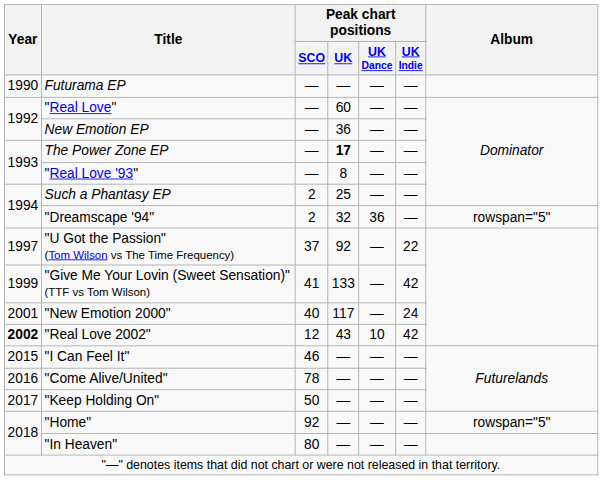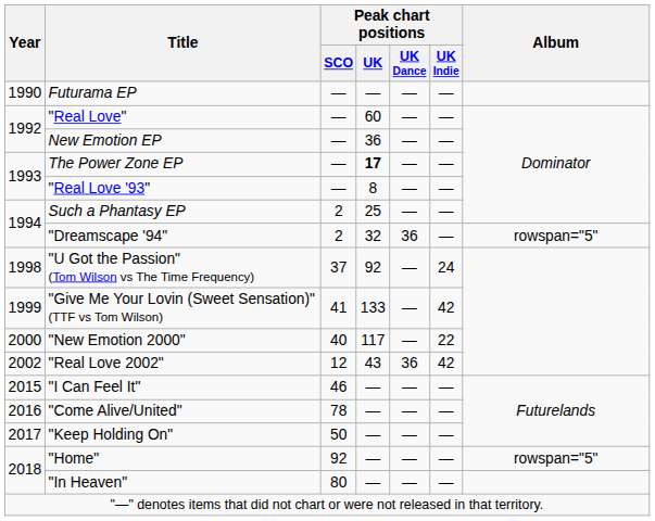 <table class="wikitable" style="text-align:center;">
 <tr>
 <th rowspan="2" style="width:2em;">Year</th>
 <th rowspan="2" style="width:18em;">Title</th>
 <th colspan="4">Peak chart positions</th>
 <th rowspan="2" style="width:12em;">Album</th>
 </tr>
 <tr>
 <th style="width:2em;font-size:90%;"><a href='#'>SCO</a><br></th>
 <th style="width:2em;font-size:90%;"><a href='#'>UK</a><br></th>
 <th style="width:2em;font-size:90%;"><a href='#'>UK<br><small>Dance</small></a><br></th>
 <th style="width:2em;font-size:90%;"><a href='#'>UK<br><small>Indie</small></a><br></th>
 </tr>
 <tr>
 <td>1990</td>
 <td style="text-align:left;"><em>Futurama EP</em></td>
 <td>—</td>
 <td>—</td>
 <td>—</td>
 <td>—</td>
 <td></td>
 </tr>
 <tr>
 <td rowspan="2">1992</td>
 <td style="text-align:left;">"<a href='#'>Real Love</a>"</td>
 <td>—</td>
 <td>60</td>
 <td>—</td>
 <td>—</td>
 <td rowspan="5"><em>Dominator</em></td>
 </tr>
 <tr>
 <td style="text-align:left;"><em>New Emotion EP</em></td>
 <td>—</td>
 <td>36</td>
 <td>—</td>
 <td>—</td>
 </tr>
 <tr>
 <td rowspan="2">1993</td>
 <td style="text-align:left;"><em>The Power Zone EP</em></td>
 <td>—</td>
 <td><strong>17</strong></td>
 <td>—</td>
 <td>—</td>
 </tr>
 <tr>
 <td style="text-align:left;">"<a href='#'>Real Love '93</a>"</td>
 <td>—</td>
 <td>8</td>
 <td>—</td>
 <td>—</td>
 </tr>
 <tr>
 <td rowspan="2">1994</td>
 <td style="text-align:left;"><em>Such a Phantasy EP</em></td>
 <td>2</td>
 <td>25</td>
 <td>—</td>
 <td>—</td>
 </tr>
 <tr>
 <td style="text-align:left;">"Dreamscape '94"</td>
 <td>2</td>
 <td>32</td>
 <td>36</td>
 <td>—</td>
 <td>rowspan="5" </td>
 </tr>
 <tr>
-<td>1997</td>
+<td>1998</td>
 <td style="text-align:left;">"U Got the Passion"<br><small>(<a href='#'>Tom Wilson</a> vs The Time Frequency)</small></td>
 <td>37</td>
 <td>92</td>
 <td>—</td>
-<td>22</td>
+<td>24</td>
 </tr>
 <tr>
 <td>1999</td>
 <td style="text-align:left;">"Give Me Your Lovin (Sweet Sensation)"<br><small>(TTF vs Tom Wilson)</small></td>
 <td>41</td>
 <td>133</td>
 <td>—</td>
 <td>42</td>
 </tr>
 <tr>
-<td>2001</td>
+<td>2000</td>
 <td style="text-align:left;">"New Emotion 2000"</td>
 <td>40</td>
 <td>117</td>
 <td>—</td>
-<td>24</td>
+<td>22</td>
 </tr>
 <tr>
-<td><strong>2002</strong></td>
+<td>2002</td>
 <td style="text-align:left;">"Real Love 2002"</td>
 <td>12</td>
 <td>43</td>
-<td>10</td>
+<td>36</td>
 <td>42</td>
 </tr>
 <tr>
 <td>2015</td>
 <td style="text-align:left;">"I Can Feel It"</td>
 <td>46</td>
 <td>—</td>
 <td>—</td>
 <td>—</td>
 <td rowspan="3"><em>Futurelands</em></td>
 </tr>
 <tr>
 <td>2016</td>
 <td style="text-align:left;">"Come Alive/United"</td>
 <td>78</td>
 <td>—</td>
 <td>—</td>
 <td>—</td>
 </tr>
 <tr>
 <td>2017</td>
 <td style="text-align:left;">"Keep Holding On"</td>
 <td>50</td>
 <td>—</td>
 <td>—</td>
 <td>—</td>
 </tr>
 <tr>
 <td rowspan="2">2018</td>
 <td style="text-align:left;">"Home"</td>
 <td>92</td>
 <td>—</td>
 <td>—</td>
 <td>—</td>
 <td>rowspan="5" </td>
 </tr>
 <tr>
 <td style="text-align:left;">"In Heaven"</td>
 <td>80</td>
 <td>—</td>
 <td>—</td>
 <td>—</td>
 </tr>
 <tr>
 <td colspan="15" style="font-size:90%">"—" denotes items that did not chart or were not released in that territory.</td>
 </tr>
 </table>
